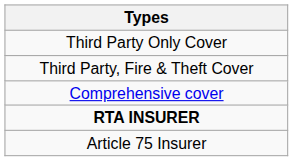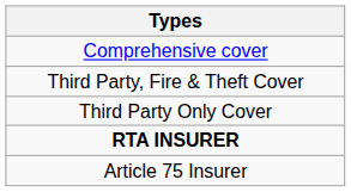 <table class="wikitable" style="text-align:center;margin-left:1em;font-size:90%;float:left">
 <tr>
 <th width="250">Types</th>
 </tr>
 <tr>
-<td align="center">Third Party Only Cover</td>
+<td align="center"><a href='#'>Comprehensive cover</a></td>
 </tr>
 <tr>
 <td align="center">Third Party, Fire & Theft Cover</td>
 </tr>
 <tr>
-<td align="center"><a href='#'>Comprehensive cover</a></td>
+<td align="center">Third Party Only Cover</td>
 </tr>
 <tr>
 <td align="center"><strong>RTA INSURER</strong></td>
 </tr>
 <tr>
 <td align="center">Article 75 Insurer</td>
 </tr>
 </table>
